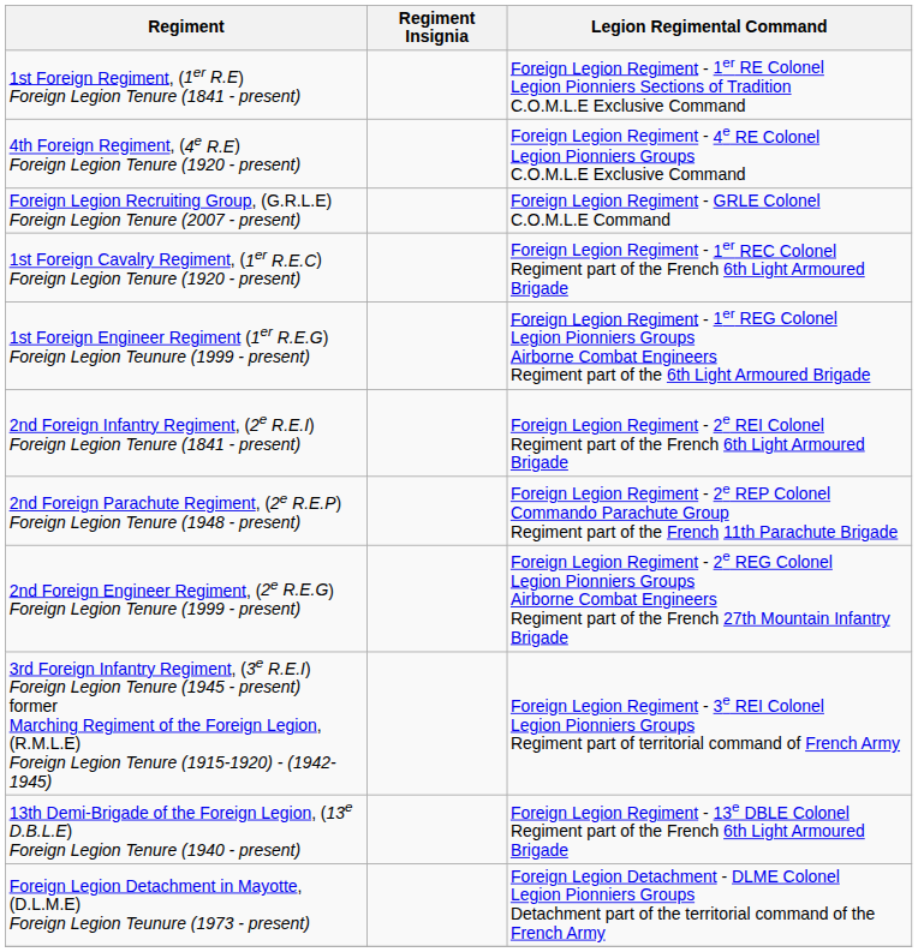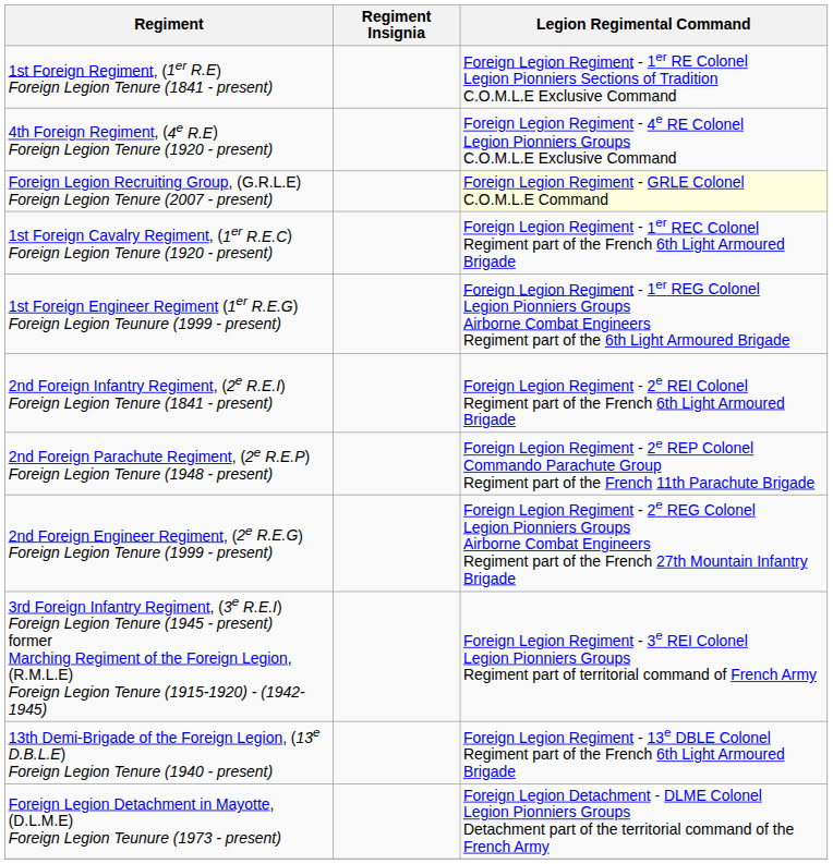 <table class="wikitable">
 <tr>
 <th>Regiment</th>
 <th>Regiment Insignia</th>
 <th>Legion Regimental Command</th>
 </tr>
 <tr>
 <td><a href='#'>1st Foreign Regiment</a>, (<em>1<sup>er</sup> R.E</em>)<br><em>Foreign Legion Tenure (1841 - present)</em></td>
 <td><br></td>
 <td><a href='#'>Foreign Legion Regiment</a> - <a href='#'>1<sup>er</sup> RE Colonel</a><br><a href='#'>Legion Pionniers Sections of Tradition</a><br>C.O.M.L.E Exclusive Command</td>
 </tr>
 <tr>
 <td><a href='#'>4th Foreign Regiment</a>, (<em>4<sup>e</sup> R.E</em>)<br><em>Foreign Legion Tenure (1920 - present)</em></td>
 <td></td>
 <td><a href='#'>Foreign Legion Regiment</a> - <a href='#'>4<sup>e</sup> RE Colonel</a><br><a href='#'>Legion Pionniers Groups</a><br>C.O.M.L.E Exclusive Command</td>
 </tr>
 <tr>
 <td><a href='#'>Foreign Legion Recruiting Group</a>, (G.R.L.E)<br><em>Foreign Legion Tenure (2007 - present)</em></td>
 <td></td>
-<td><a href='#'>Foreign Legion Regiment</a> - <a href='#'>GRLE Colonel</a><br>C.O.M.L.E Command</td>
+<td style="background: lightyellow;"><a href='#'>Foreign Legion Regiment</a> - <a href='#'>GRLE Colonel</a><br>C.O.M.L.E Command</td>
 </tr>
 <tr>
 <td><a href='#'>1st Foreign Cavalry Regiment</a>, (<em>1<sup>er</sup> R.E.C</em>)<br><em>Foreign Legion Tenure (1920 - present)</em></td>
 <td></td>
 <td><a href='#'>Foreign Legion Regiment</a> - <a href='#'>1<sup>er</sup> REC Colonel</a><br>Regiment part of the French <a href='#'>6th Light Armoured Brigade</a></td>
 </tr>
 <tr>
 <td><a href='#'>1st Foreign Engineer Regiment</a> (<em>1<sup>er</sup> R.E.G</em>)<br><em>Foreign Legion Teunure (1999 - present)</em></td>
 <td><br></td>
 <td><a href='#'>Foreign Legion Regiment</a> - <a href='#'>1<sup>er</sup> REG Colonel</a><br><a href='#'>Legion Pionniers Groups</a><br><a href='#'>Airborne Combat Engineers</a><br>Regiment part of the <a href='#'>6th Light Armoured Brigade</a></td>
 </tr>
 <tr>
 <td><a href='#'>2nd Foreign Infantry Regiment</a>, (<em>2<sup>e</sup> R.E.I</em>)<br><em>Foreign Legion Tenure (1841 - present)</em></td>
 <td></td>
 <td><br><a href='#'>Foreign Legion Regiment</a> - <a href='#'>2<sup>e</sup> REI Colonel</a><br>Regiment part of the French <a href='#'>6th Light Armoured Brigade</a></td>
 </tr>
 <tr>
 <td><a href='#'>2nd Foreign Parachute Regiment</a>, (<em>2<sup>e</sup> R.E.P</em>)<br><em>Foreign Legion Tenure (1948 - present)</em></td>
 <td></td>
 <td><a href='#'>Foreign Legion Regiment</a> - <a href='#'>2<sup>e</sup> REP Colonel</a><br><a href='#'>Commando Parachute Group</a><br>Regiment part of the <a href='#'>French</a> <a href='#'>11th Parachute Brigade</a></td>
 </tr>
 <tr>
 <td><a href='#'>2nd Foreign Engineer Regiment</a>, (<em>2<sup>e</sup> R.E.G</em>)<br><em>Foreign Legion Tenure (1999 - present)</em></td>
 <td></td>
 <td><a href='#'>Foreign Legion Regiment</a> - <a href='#'>2<sup>e</sup> REG Colonel</a><br><a href='#'>Legion Pionniers Groups</a><br><a href='#'>Airborne Combat Engineers</a><br>Regiment part of the French <a href='#'>27th Mountain Infantry Brigade</a></td>
 </tr>
 <tr>
 <td><a href='#'>3rd Foreign Infantry Regiment</a>, (<em>3<sup>e</sup> R.E.I</em>)<br><em>Foreign Legion Tenure (1945 - present)</em><br>former<br><a href='#'>Marching Regiment of the Foreign Legion</a>, (R.M.L.E)<br><em>Foreign Legion Tenure (1915-1920) - (1942-1945)</em></td>
 <td><br></td>
 <td><a href='#'>Foreign Legion Regiment</a> - <a href='#'>3<sup>e</sup> REI Colonel</a><br><a href='#'>Legion Pionniers Groups</a><br>Regiment part of territorial command of <a href='#'>French Army</a><br></td>
 </tr>
 <tr>
 <td><a href='#'>13th Demi-Brigade of the Foreign Legion</a>, (<em>13<sup>e</sup> D.B.L.E</em>)<br> <em>Foreign Legion Tenure (1940 - present)</em></td>
 <td></td>
 <td><a href='#'>Foreign Legion Regiment</a> - <a href='#'>13<sup>e</sup> DBLE Colonel</a> <br>Regiment part of the French <a href='#'>6th Light Armoured Brigade</a></td>
 </tr>
 <tr>
 <td><a href='#'>Foreign Legion Detachment in Mayotte</a>, (D.L.M.E)<br> <em>Foreign Legion Teunure (1973 - present)</em></td>
 <td></td>
 <td><a href='#'>Foreign Legion Detachment</a> - <a href='#'>DLME Colonel</a><br><a href='#'>Legion Pionniers Groups</a><br>Detachment part of the territorial command of the <a href='#'>French Army</a></td>
 </tr>
 <tr>
 </tr>
 </table>
